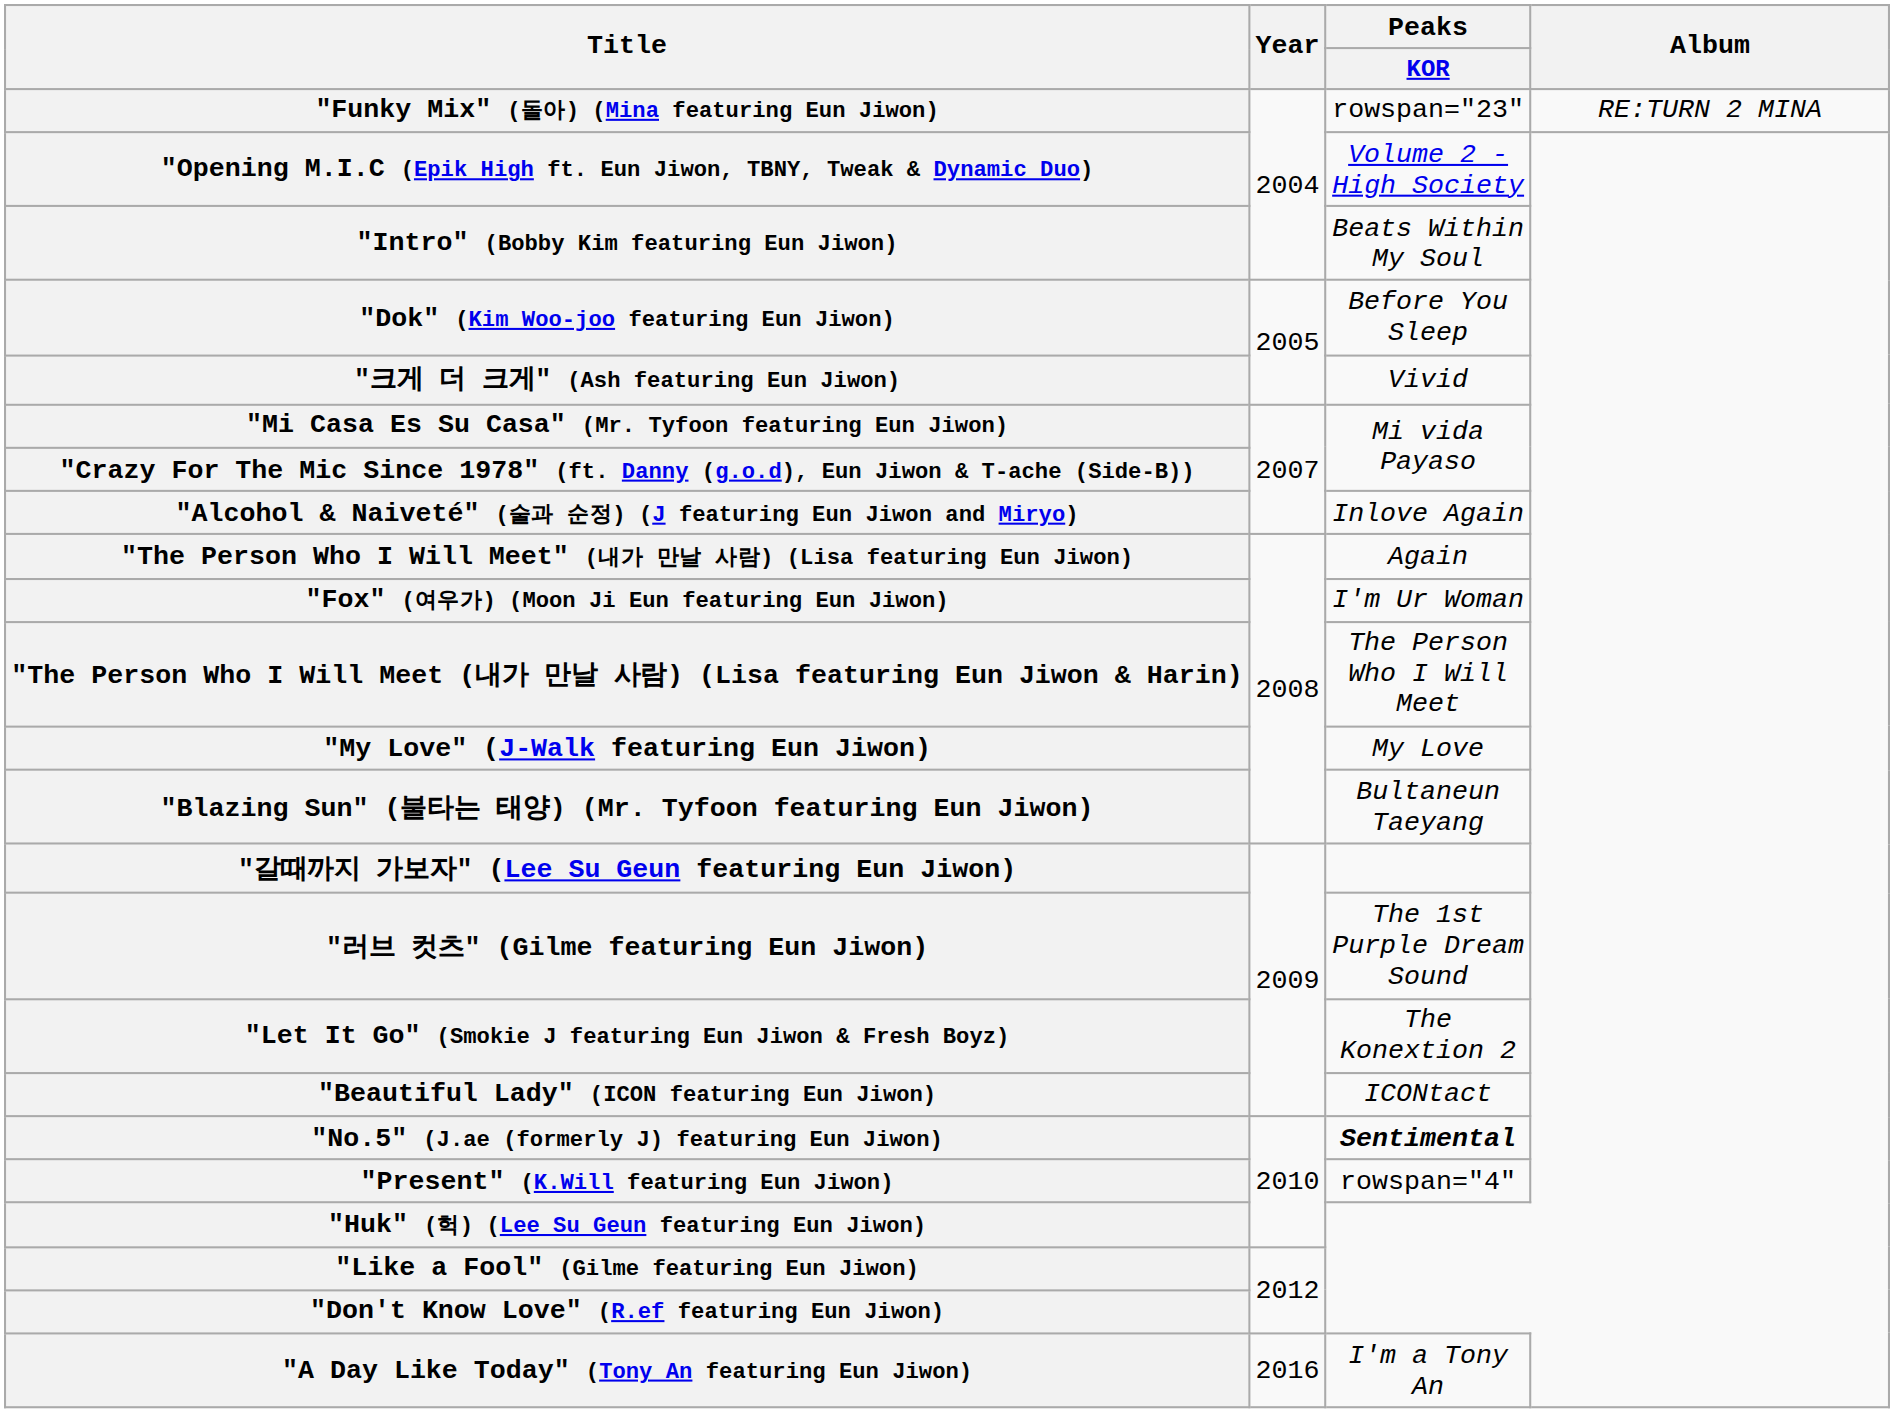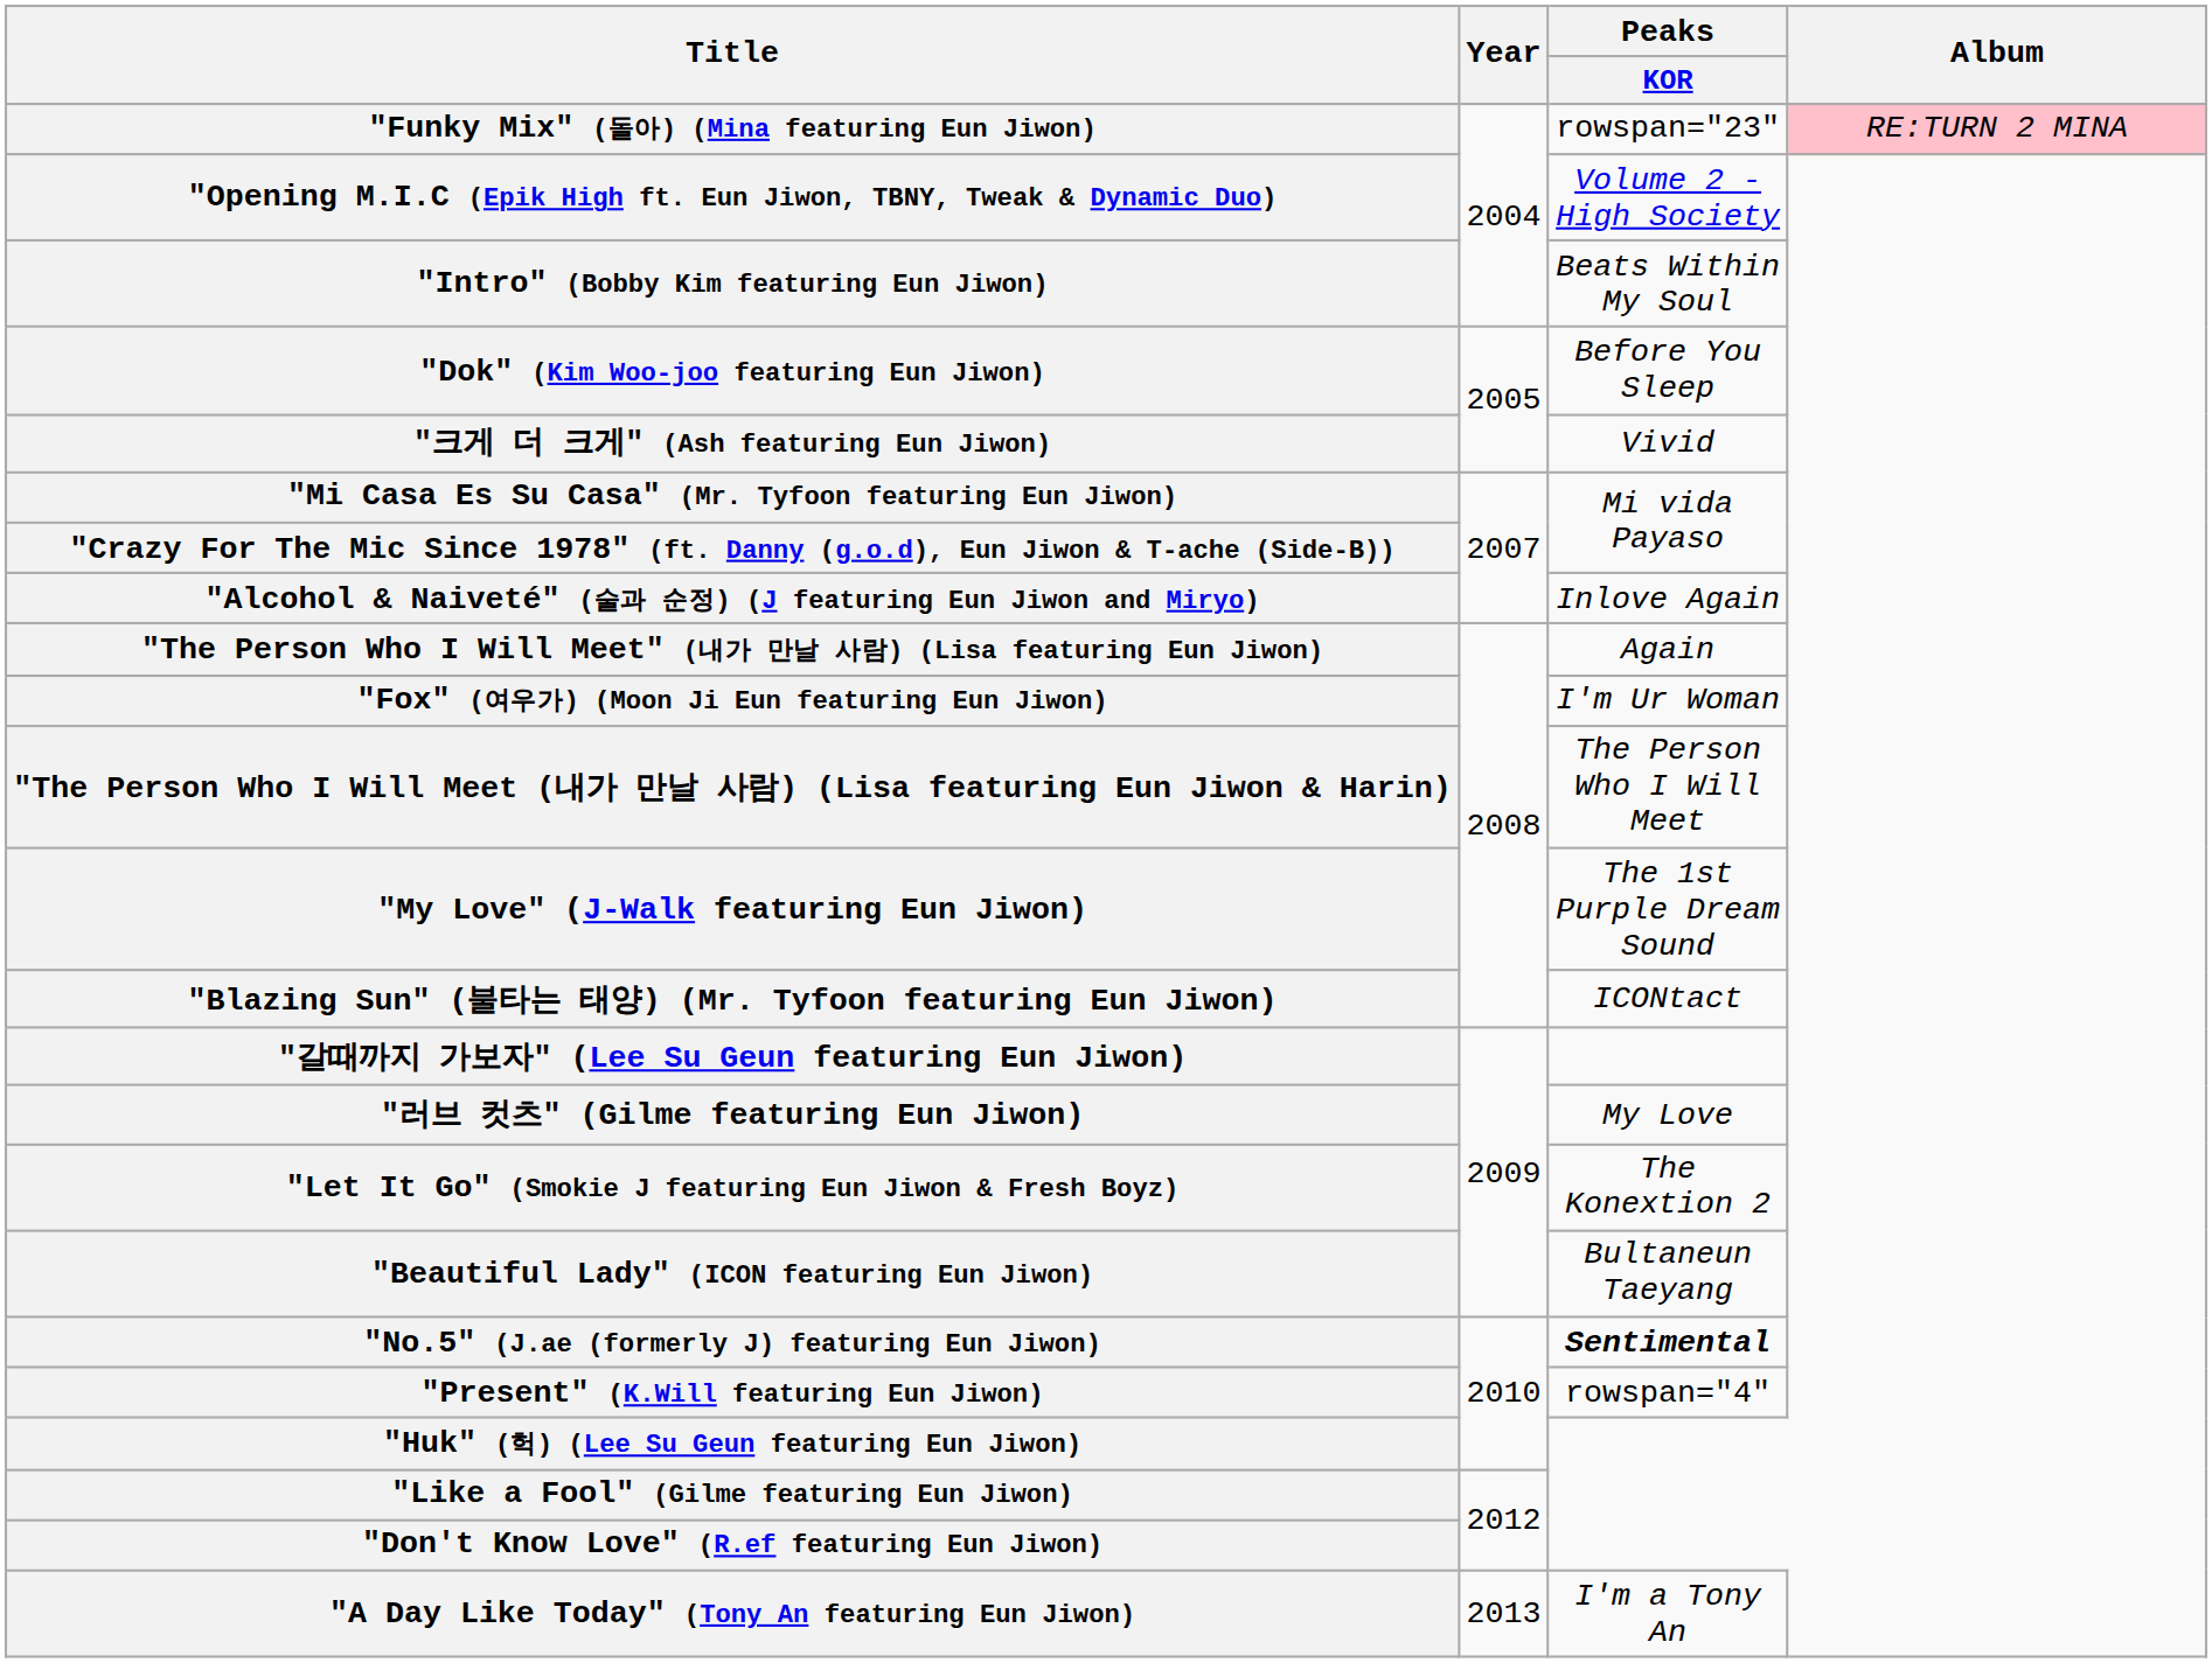 <table class="wikitable plainrowheaders" style="text-align:center;">
 <tr>
 <th rowspan=2>Title</th>
 <th rowspan=2 style="width:2em;">Year</th>
 <th scope="col" colspan="1">Peaks</th>
 <th rowspan=2 style="width:13em;">Album</th>
 </tr>
 <tr>
 <th style="width:2.5em;font-size:90%"><a href='#'>KOR</a><br></th>
 </tr>
 <tr>
 <th scope="row">"Funky Mix" <small>(돌아) (<a href='#'>Mina</a> featuring Eun Jiwon)</small></th>
 <td rowspan="3">2004</td>
 <td>rowspan="23" </td>
-<td><em>RE:TURN 2 MINA</em></td>
+<td style="background: pink;"><em>RE:TURN 2 MINA</em></td>
 </tr>
 <tr>
 <th scope="row">"Opening M.I.C <small>(<a href='#'>Epik High</a> ft. Eun Jiwon, TBNY, Tweak & <a href='#'>Dynamic Duo</a>)</small></th>
 <td><em><a href='#'>Volume 2 - High Society</a></em></td>
 </tr>
 <tr>
 <th scope="row">"Intro" <small>(Bobby Kim featuring Eun Jiwon)</small></th>
 <td><em>Beats Within My Soul</em></td>
 </tr>
 <tr>
 <th scope="row">"Dok" <small>(<a href='#'>Kim Woo-joo</a> featuring Eun Jiwon)</small></th>
 <td rowspan="2">2005</td>
 <td><em>Before You Sleep</em></td>
 </tr>
 <tr>
 <th scope="row">"크게 더 크게" <small>(Ash featuring Eun Jiwon)</small></th>
 <td><em>Vivid</em></td>
 </tr>
 <tr>
 <th scope="row">"Mi Casa Es Su Casa" <small>(Mr. Tyfoon featuring Eun Jiwon)</small></th>
 <td rowspan="3">2007</td>
 <td rowspan="2"><em>Mi vida Payaso</em></td>
 </tr>
 <tr>
 <th scope="row">"Crazy For The Mic Since 1978" <small>(ft. <a href='#'>Danny</a> (<a href='#'>g.o.d</a>), Eun Jiwon & T-ache (Side-B))</small></th>
 </tr>
 <tr>
 <th scope="row">"Alcohol & Naiveté" <small>(술과 순정) (<a href='#'>J</a> featuring Eun Jiwon and <a href='#'>Miryo</a>)</small></th>
 <td><em>Inlove Again</em></td>
 </tr>
 <tr>
 <th scope="row">"The Person Who I Will Meet" <small>(내가 만날 사람) (Lisa featuring Eun Jiwon)</small></th>
 <td rowspan="5">2008</td>
 <td><em>Again</em></td>
 </tr>
 <tr>
 <th scope="row">"Fox" <small>(여우가) (Moon Ji Eun featuring Eun Jiwon)</small></th>
 <td><em>I'm Ur Woman</em></td>
 </tr>
 <tr>
 <th scope="row">"The Person Who I Will Meet (내가 만날 사람) (Lisa featuring Eun Jiwon & Harin)</th>
 <td><em>The Person Who I Will Meet</em></td>
 </tr>
 <tr>
 <th scope="row">"My Love" (<a href='#'>J-Walk</a> featuring Eun Jiwon)</th>
-<td><em>My Love</em></td>
+<td><em>The 1st Purple Dream Sound</em></td>
 </tr>
 <tr>
 <th scope="row">"Blazing Sun" (불타는 태양) (Mr. Tyfoon featuring Eun Jiwon)</th>
-<td><em>Bultaneun Taeyang</em></td>
+<td><em>ICONtact</em></td>
 </tr>
 <tr>
 <th scope="row">"갈때까지 가보자" (<a href='#'>Lee Su Geun</a> featuring Eun Jiwon)</th>
 <td rowspan="4">2009</td>
 <td></td>
 </tr>
 <tr>
 <th scope="row">"러브 컷츠" (Gilme featuring Eun Jiwon)</th>
-<td><em>The 1st Purple Dream Sound</em></td>
+<td><em>My Love</em></td>
 </tr>
 <tr>
 <th scope="row">"Let It Go" <small>(Smokie J featuring Eun Jiwon & Fresh Boyz)</small></th>
 <td><em>The Konextion 2</em></td>
 </tr>
 <tr>
 <th scope="row">"Beautiful Lady" <small>(ICON featuring Eun Jiwon)</small></th>
-<td><em>ICONtact</em></td>
+<td><em>Bultaneun Taeyang</em></td>
 </tr>
 <tr>
 <th scope="row">"No.5" <small>(J.ae (formerly J) featuring Eun Jiwon)</small></th>
 <td rowspan="3">2010</td>
 <td><strong><em>Sentimental</em></strong></td>
 </tr>
 <tr>
 <th scope="row">"Present" <small>(<a href='#'>K.Will</a> featuring Eun Jiwon)</small></th>
 <td>rowspan="4" </td>
 </tr>
 <tr>
 <th scope="row">"Huk" <small>(헉) (<a href='#'>Lee Su Geun</a> featuring Eun Jiwon)</small></th>
 </tr>
 <tr>
 <th scope="row">"Like a Fool" <small>(Gilme featuring Eun Jiwon)</small></th>
 <td rowspan="2">2012</td>
 </tr>
 <tr>
 <th scope="row">"Don't Know Love" <small>(<a href='#'>R.ef</a> featuring Eun Jiwon)</small></th>
 </tr>
 <tr>
 <th scope="row">"A Day Like Today" <small>(<a href='#'>Tony An</a> featuring Eun Jiwon)</small></th>
-<td>2016</td>
+<td>2013</td>
 <td><em>I'm a Tony An</em></td>
 </tr>
 </table>
